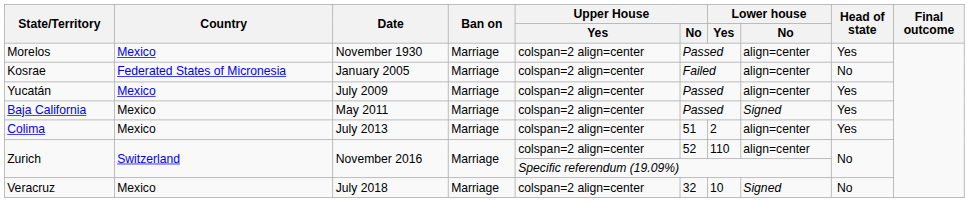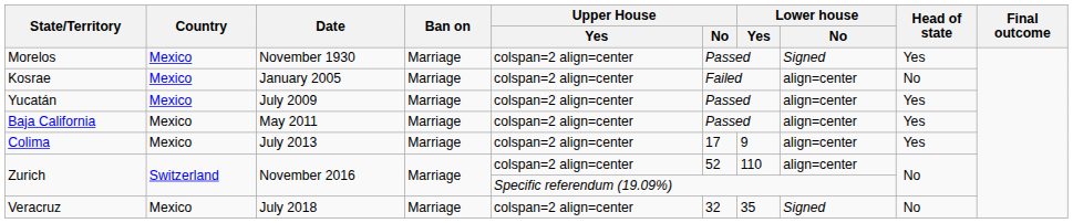 <table class="wikitable sortable" style="width:100%">
 <tr>
 <th rowspan=2>State/Territory</th>
 <th rowspan=2>Country</th>
 <th rowspan=2>Date</th>
 <th rowspan=2>Ban on</th>
 <th colspan=2>Upper House</th>
 <th colspan=2>Lower house</th>
 <th rowspan=2>Head of<br>state</th>
 <th rowspan=2>Final<br>outcome</th>
 </tr>
 <tr>
 <th>Yes</th>
 <th>No</th>
 <th>Yes</th>
 <th>No</th>
 </tr>
 <tr>
 <td> Morelos</td>
 <td> <a href='#'>Mexico</a></td>
 <td>November 1930</td>
 <td>Marriage</td>
 <td>colspan=2 align=center </td>
 <td colspan=2><em>Passed</em></td>
-<td>align=center </td>
+<td><em>Signed</em></td>
 <td> Yes</td>
 </tr>
 <tr>
 <td> Kosrae</td>
-<td> <a href='#'>Federated States of Micronesia</a></td>
+<td> <a href='#'>Mexico</a></td>
 <td>January 2005</td>
 <td>Marriage</td>
 <td>colspan=2 align=center </td>
 <td colspan=2><em>Failed</em></td>
 <td>align=center </td>
 <td> No</td>
 </tr>
 <tr>
 <td> Yucatán</td>
 <td> <a href='#'>Mexico</a></td>
 <td>July 2009</td>
 <td>Marriage</td>
 <td>colspan=2 align=center </td>
 <td colspan=2><em>Passed</em></td>
 <td>align=center </td>
 <td> Yes</td>
 </tr>
 <tr>
 <td> <a href='#'>Baja California</a></td>
 <td><span></span> Mexico</td>
 <td>May 2011</td>
 <td>Marriage</td>
 <td>colspan=2 align=center </td>
 <td colspan=2><em>Passed</em></td>
-<td><em>Signed</em></td>
+<td>align=center </td>
 <td> Yes</td>
 </tr>
 <tr>
 <td> <a href='#'>Colima</a></td>
 <td><span></span> Mexico</td>
 <td>July 2013</td>
 <td>Marriage</td>
 <td>colspan=2 align=center </td>
-<td>51</td>
-<td>2</td>
+<td>17</td>
+<td>9</td>
 <td>align=center </td>
 <td> Yes</td>
 </tr>
 <tr>
 <td rowspan=2> Zurich</td>
 <td rowspan=2> <a href='#'>Switzerland</a></td>
 <td rowspan=2>November 2016</td>
 <td rowspan=2>Marriage</td>
 <td>colspan=2 align=center </td>
 <td>52</td>
 <td>110</td>
 <td>align=center </td>
 <td rowspan=2> No</td>
 </tr>
 <tr>
 <td colspan=5><em>Specific referendum (19.09%)</em></td>
 </tr>
 <tr>
 <td> Veracruz</td>
 <td><span></span> Mexico</td>
 <td>July 2018</td>
 <td>Marriage</td>
 <td>colspan=2 align=center </td>
 <td>32</td>
-<td>10</td>
+<td>35</td>
 <td><em>Signed</em></td>
 <td> No</td>
 </tr>
 </table>
